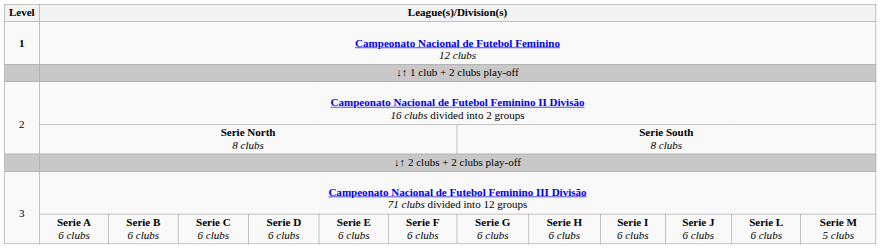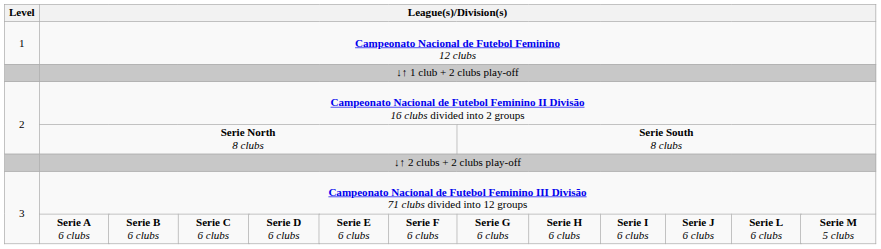 <table class="wikitable" style="text-align: center;" width="100%">
 <tr>
 <th>Level</th>
 <th colspan="24">League(s)/Division(s)</th>
 </tr>
 <tr>
-<td><strong>1</strong></td>
+<td>1</td>
 <td colspan="24"><br><strong><a href='#'>Campeonato Nacional de Futebol Feminino</a></strong><br> <em>12 clubs</em></td>
 </tr>
 <tr style="background:#c8c8c8" |>
 <td></td>
 <td colspan="24">↓↑ 1 club + 2 clubs play-off</td>
 </tr>
 <tr>
 <td colspan="1" rowspan="2" width="4%"><br>2</td>
 <td colspan="24"><br><strong><a href='#'>Campeonato Nacional de Futebol Feminino II Divisão</a></strong><br> <em>16 clubs</em> divided into 2 groups</td>
 </tr>
 <tr>
 <td colspan="12" align="center"><strong>Serie North</strong> <br> <em>8 clubs</em></td>
 <td colspan="12" align="center"><strong>Serie South</strong> <br> <em>8 clubs</em></td>
 </tr>
 <tr style="background:#c8c8c8" |>
 <td></td>
 <td colspan="24">↓↑ 2 clubs + 2 clubs play-off</td>
 </tr>
 <tr>
 <td colspan="1" rowspan="2" width="4%"><br>3</td>
 <td colspan="24"><br><strong><a href='#'>Campeonato Nacional de Futebol Feminino III Divisão</a></strong><br> <em>71 clubs</em> divided into 12 groups</td>
 </tr>
 <tr>
 <td colspan="2" align="center"><strong>Serie A</strong> <br> <em>6 clubs</em></td>
 <td colspan="2" align="center"><strong>Serie B</strong> <br> <em>6 clubs</em></td>
 <td colspan="2" align="center"><strong>Serie C</strong> <br> <em>6 clubs</em></td>
 <td colspan="2" align="center"><strong>Serie D</strong> <br> <em>6 clubs</em></td>
 <td colspan="2" align="center"><strong>Serie E</strong> <br> <em>6 clubs</em></td>
 <td colspan="2" align="center"><strong>Serie F</strong> <br> <em>6 clubs</em></td>
 <td colspan="2" align="center"><strong>Serie G</strong> <br> <em>6 clubs</em></td>
 <td colspan="2" align="center"><strong>Serie H</strong> <br> <em>6 clubs</em></td>
 <td colspan="2" align="center"><strong>Serie I</strong> <br> <em>6 clubs</em></td>
 <td colspan="2" align="center"><strong>Serie J</strong> <br> <em>6 clubs</em></td>
 <td colspan="2" align="center"><strong>Serie L</strong> <br> <em>6 clubs</em></td>
 <td colspan="2" align="center"><strong>Serie M</strong> <br> <em>5 clubs</em></td>
 </tr>
 </table>
